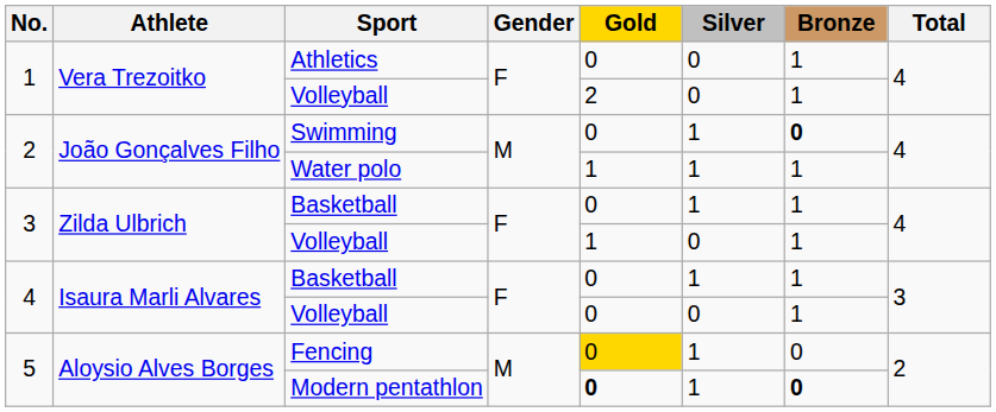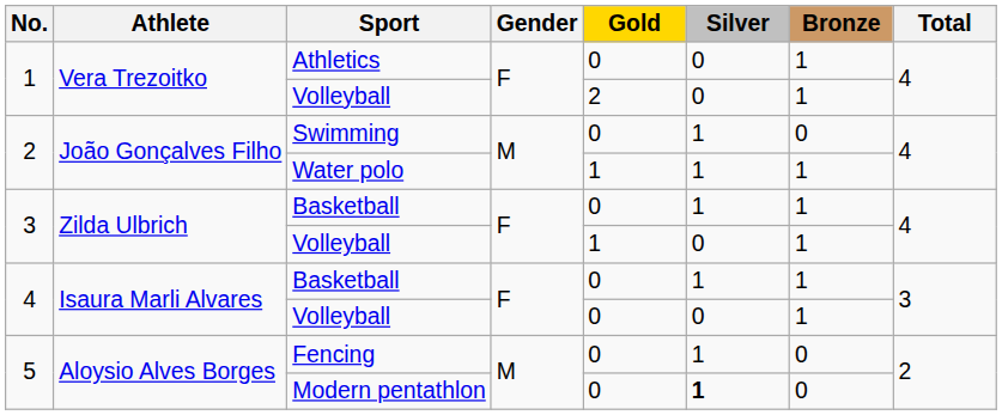 <table class="wikitable sortable">
 <tr>
 <th>No.</th>
 <th>Athlete</th>
 <th>Sport</th>
 <th>Gender</th>
 <th style="background-color:gold; width:4.0em; font-weight:bold;">Gold</th>
 <th style="background-color:silver; width:4.0em; font-weight:bold;">Silver</th>
 <th style="background-color:#cc9966; width:4.0em; font-weight:bold;">Bronze</th>
 <th style="width:4.0em;">Total</th>
 </tr>
 <tr>
 <td rowspan=2 align=center>1</td>
 <td rowspan=2><a href='#'>Vera Trezoitko</a></td>
 <td> <a href='#'>Athletics</a></td>
 <td rowspan=2>F</td>
 <td>0</td>
 <td>0</td>
 <td>1</td>
 <td rowspan=2>4</td>
 </tr>
 <tr>
 <td> <a href='#'>Volleyball</a></td>
 <td>2</td>
 <td>0</td>
 <td>1</td>
 </tr>
 <tr>
 <td rowspan=2 align=center>2</td>
 <td rowspan=2><a href='#'>João Gonçalves Filho</a></td>
 <td> <a href='#'>Swimming</a></td>
 <td rowspan=2>M</td>
 <td>0</td>
 <td>1</td>
-<td><strong>0</strong></td>
+<td>0</td>
 <td rowspan=2>4</td>
 </tr>
 <tr>
 <td> <a href='#'>Water polo</a></td>
 <td>1</td>
 <td>1</td>
 <td>1</td>
 </tr>
 <tr>
 <td rowspan=2 align=center>3</td>
 <td rowspan=2><a href='#'>Zilda Ulbrich</a></td>
 <td> <a href='#'>Basketball</a></td>
 <td rowspan=2>F</td>
 <td>0</td>
 <td>1</td>
 <td>1</td>
 <td rowspan=2>4</td>
 </tr>
 <tr>
 <td> <a href='#'>Volleyball</a></td>
 <td>1</td>
 <td>0</td>
 <td>1</td>
 </tr>
 <tr>
 <td rowspan=2 align=center>4</td>
 <td rowspan=2><a href='#'>Isaura Marli Alvares</a></td>
 <td> <a href='#'>Basketball</a></td>
 <td rowspan=2>F</td>
 <td>0</td>
 <td>1</td>
 <td>1</td>
 <td rowspan=2>3</td>
 </tr>
 <tr>
 <td> <a href='#'>Volleyball</a></td>
 <td>0</td>
 <td>0</td>
 <td>1</td>
 </tr>
 <tr>
 <td rowspan=2 align=center>5</td>
 <td rowspan=2><a href='#'>Aloysio Alves Borges</a></td>
 <td> <a href='#'>Fencing</a></td>
 <td rowspan=2>M</td>
-<td style="background: gold;">0</td>
+<td>0</td>
 <td>1</td>
 <td>0</td>
 <td rowspan=2>2</td>
 </tr>
 <tr>
 <td> <a href='#'>Modern pentathlon</a></td>
-<td><strong>0</strong></td>
-<td>1</td>
-<td><strong>0</strong></td>
+<td>0</td>
+<td><strong>1</strong></td>
+<td>0</td>
 </tr>
 </table>
